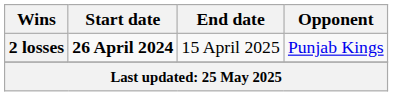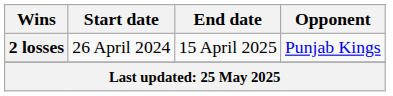 <table class="wikitable sortable" style="text-align:left;font-size:96%;">
 <tr>
 <th>Wins</th>
 <th>Start date</th>
 <th>End date</th>
 <th>Opponent</th>
 </tr>
 <tr>
 <th>2 losses</th>
-<td><strong>26 April 2024</strong></td>
+<td>26 April 2024</td>
 <td>15 April 2025</td>
 <td><a href='#'>Punjab Kings</a></td>
 </tr>
 <tr>
 </tr>
 <tr class="sortbottom">
 <th colspan="4"><small>Last updated: 25 May 2025</small></th>
 </tr>
 </table>
